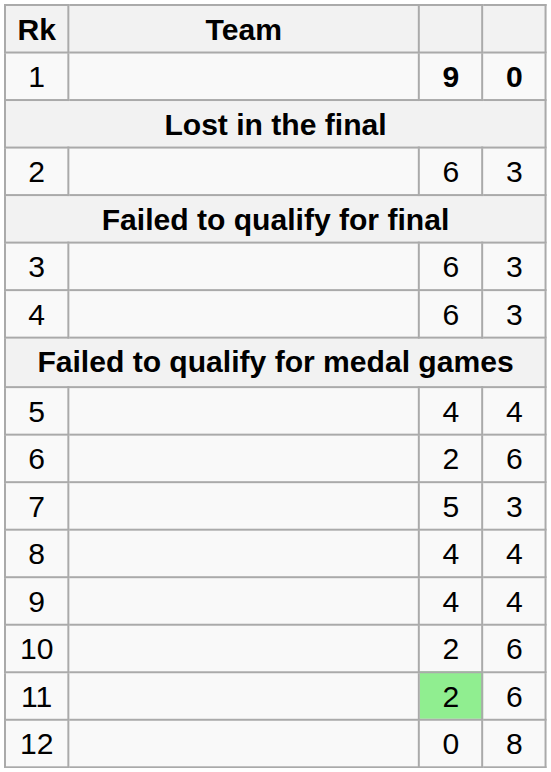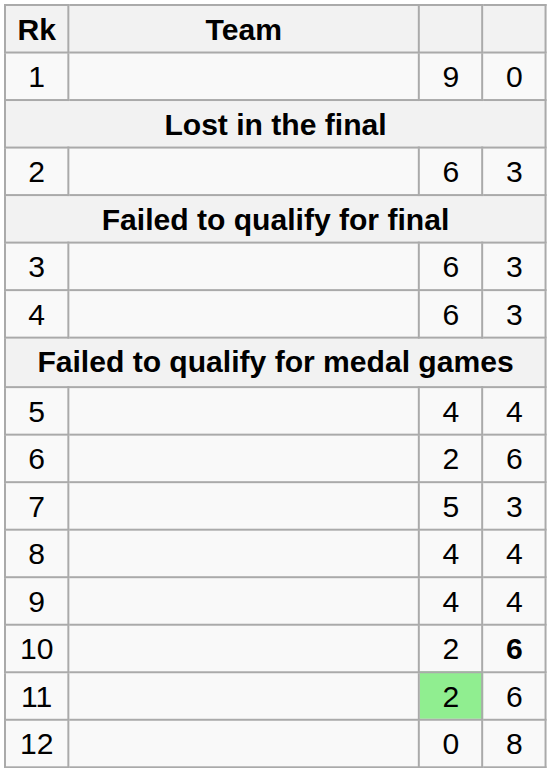 <table class=wikitable style="text-align:center; font-size:95%">
 <tr>
 <th width = 25>Rk</th>
 <th width = 170>Team</th>
 <th width = 25></th>
 <th width = 25></th>
 </tr>
 <tr>
 <td>1</td>
 <td align = left></td>
-<td><strong>9</strong></td>
-<td><strong>0</strong></td>
+<td>9</td>
+<td>0</td>
 </tr>
 <tr>
 <th colspan = 4>Lost in the final</th>
 </tr>
 <tr>
 <td>2</td>
 <td align = left></td>
 <td>6</td>
 <td>3</td>
 </tr>
 <tr>
 <th colspan = 4>Failed to qualify for final</th>
 </tr>
 <tr>
 <td>3</td>
 <td align = left></td>
 <td>6</td>
 <td>3</td>
 </tr>
 <tr>
 <td>4</td>
 <td align = left></td>
 <td>6</td>
 <td>3</td>
 </tr>
 <tr>
 <th colspan = 4>Failed to qualify for medal games</th>
 </tr>
 <tr>
 <td>5</td>
 <td align = left></td>
 <td>4</td>
 <td>4</td>
 </tr>
 <tr>
 <td>6</td>
 <td align = left></td>
 <td>2</td>
 <td>6</td>
 </tr>
 <tr>
 <td>7</td>
 <td align = left></td>
 <td>5</td>
 <td>3</td>
 </tr>
 <tr>
 <td>8</td>
 <td align = left></td>
 <td>4</td>
 <td>4</td>
 </tr>
 <tr>
 <td>9</td>
 <td align = left></td>
 <td>4</td>
 <td>4</td>
 </tr>
 <tr>
 <td>10</td>
 <td align = left></td>
 <td>2</td>
-<td>6</td>
+<td><strong>6</strong></td>
 </tr>
 <tr>
 <td>11</td>
 <td align = left></td>
 <td style="background: lightgreen;">2</td>
 <td>6</td>
 </tr>
 <tr>
 <td>12</td>
 <td align = left></td>
 <td>0</td>
 <td>8</td>
 </tr>
 </table>
